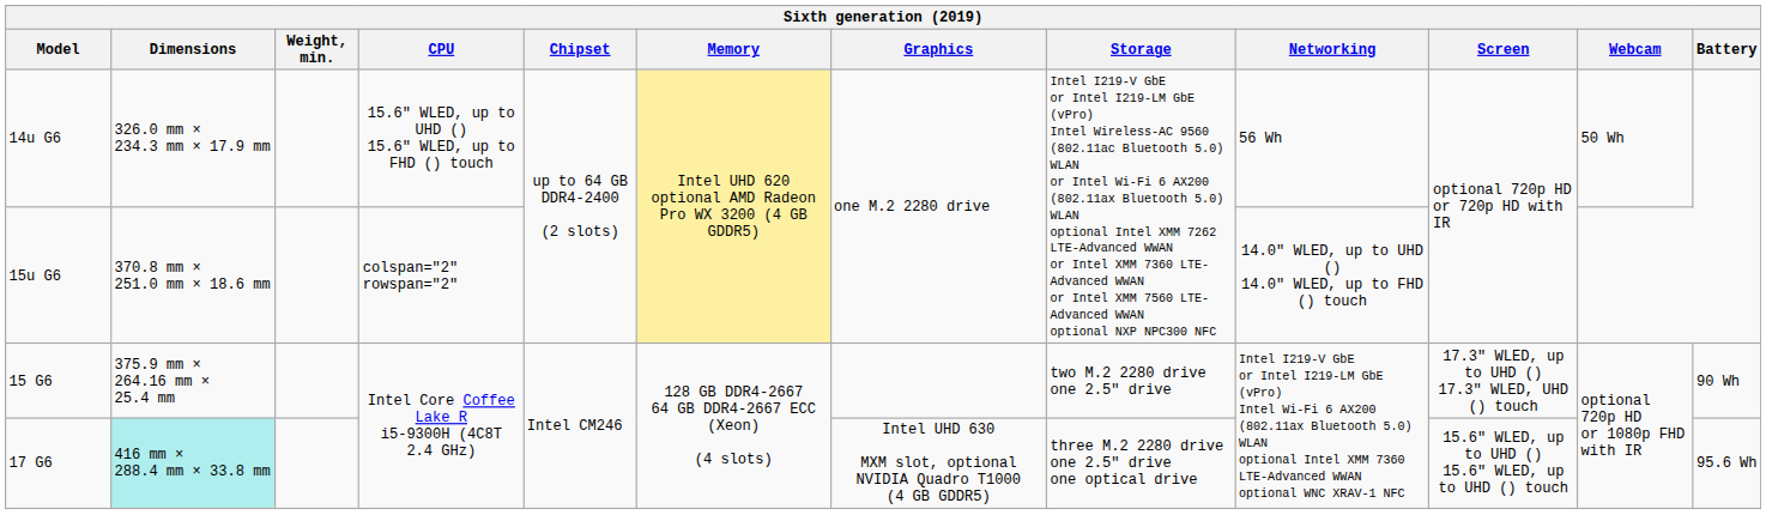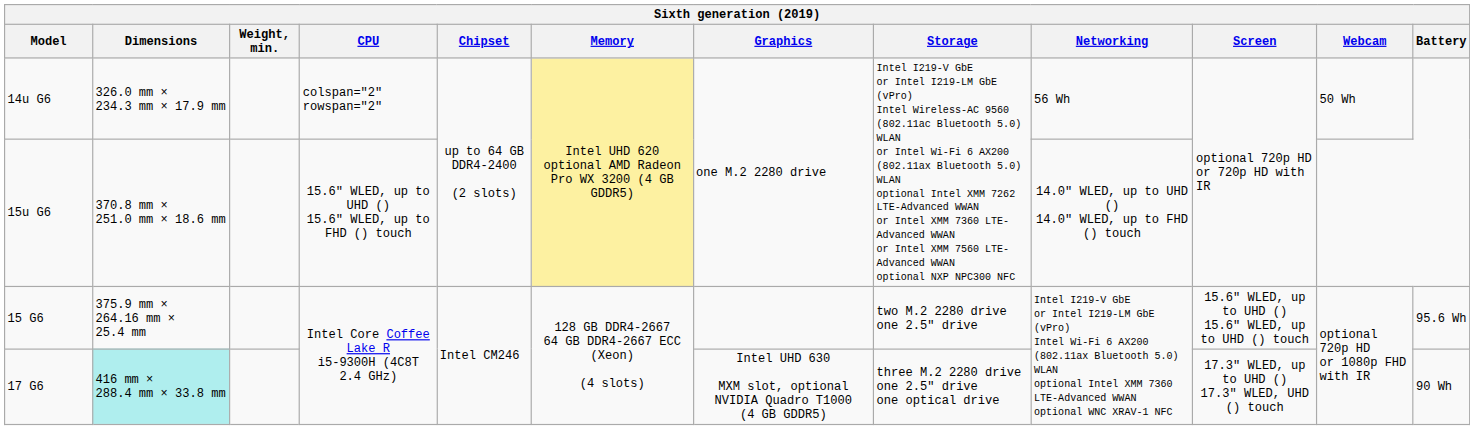 <table class="wikitable" style="font-size: 80%; width: 100%;">
 <tr>
 <th colspan="13">Sixth generation (2019)</th>
 </tr>
 <tr>
 <th width="6%">Model</th>
 <th>Dimensions</th>
 <th>Weight, min.</th>
 <th><a href='#'>CPU</a></th>
 <th><a href='#'>Chipset</a></th>
 <th><a href='#'>Memory</a></th>
 <th><a href='#'>Graphics</a></th>
 <th><a href='#'>Storage</a></th>
 <th><a href='#'>Networking</a></th>
 <th><a href='#'>Screen</a></th>
 <th><a href='#'>Webcam</a></th>
 <th>Battery</th>
 </tr>
 <tr>
 <td>14u G6 </td>
 <td>326.0 mm × 234.3 mm × 17.9 mm</td>
 <td></td>
-<td style="text-align:center;background:">15.6" WLED, up to UHD ()<br>15.6" WLED, up to FHD () touch</td>
+<td>colspan="2" rowspan="2" </td>
 <td rowspan="2" style="text-align:center;background:">up to 64 GB DDR4-2400 <br><br>(2 slots)</td>
 <td rowspan="2" style="text-align:center;background:#fdf1a1;">Intel UHD 620<br>optional AMD Radeon Pro WX 3200 (4 GB GDDR5)</td>
 <td rowspan="2">one M.2 2280 drive</td>
 <td rowspan="2"><small>Intel I219-V GbE<br><span>or Intel I219-LM GbE (vPro)</span><br>Intel Wireless-AC 9560 (802.11ac Bluetooth 5.0) WLAN<br><span>or Intel Wi-Fi 6 AX200 (802.11ax Bluetooth 5.0) WLAN</span><br>optional Intel XMM 7262 LTE-Advanced WWAN<br><span>or Intel XMM 7360 LTE-Advanced WWAN<br>or Intel XMM 7560 LTE-Advanced WWAN</span><br>optional NXP NPC300 NFC</small></td>
 <td>56 Wh</td>
 <td rowspan="2">optional 720p HD<br><span>or 720p HD with IR</span></td>
 <td>50 Wh</td>
 </tr>
 <tr>
 <td>15u G6 </td>
 <td>370.8 mm × 251.0 mm × 18.6 mm</td>
 <td></td>
-<td>colspan="2" rowspan="2" </td>
+<td style="text-align:center;background:">15.6" WLED, up to UHD ()<br>15.6" WLED, up to FHD () touch</td>
 <td style="text-align:center;background:">14.0" WLED, up to UHD ()<br>14.0" WLED, up to FHD () touch</td>
 </tr>
 <tr>
 <td>15 G6 </td>
 <td>375.9 mm × 264.16 mm × 25.4 mm</td>
 <td></td>
 <td rowspan="2" style="text-align:center;background:">Intel Core <a href='#'>Coffee Lake R</a> <br> i5-9300H (4C8T 2.4 GHz)<br></td>
 <td rowspan="2">Intel CM246</td>
 <td rowspan="2" style="text-align:center;background:">128 GB DDR4-2667 <br>64 GB DDR4-2667 ECC (Xeon)<br><br>(4 slots)</td>
 <td></td>
 <td>two M.2 2280 drive <br> one 2.5" drive</td>
 <td rowspan="2"><small>Intel I219-V GbE<br><span>or Intel I219-LM GbE (vPro)</span><br>Intel Wi-Fi 6 AX200 (802.11ax Bluetooth 5.0) WLAN<br>optional Intel XMM 7360 LTE-Advanced WWAN<br>optional WNC XRAV-1 NFC</small></td>
-<td style="text-align:center;background:">17.3" WLED, up to UHD ()<br>17.3" WLED, UHD () touch</td>
+<td style="text-align:center;background:">15.6" WLED, up to UHD ()<br>15.6" WLED, up to UHD () touch</td>
 <td rowspan="2">optional 720p HD<br><span>or 1080p FHD with IR</span></td>
-<td>90 Wh</td>
+<td>95.6 Wh</td>
 </tr>
 <tr>
 <td>17 G6 </td>
 <td style="background: paleturquoise;">416 mm × 288.4 mm × 33.8 mm</td>
 <td></td>
 <td style="text-align:center;background:">Intel UHD 630<br><br>MXM slot, optional NVIDIA Quadro T1000 (4 GB GDDR5)<br></td>
 <td>three M.2 2280 drive <br> one 2.5" drive <br> one optical drive</td>
-<td style="text-align:center;background:">15.6" WLED, up to UHD ()<br>15.6" WLED, up to UHD () touch</td>
-<td>95.6 Wh</td>
+<td style="text-align:center;background:">17.3" WLED, up to UHD ()<br>17.3" WLED, UHD () touch</td>
+<td>90 Wh</td>
 </tr>
 </table>
